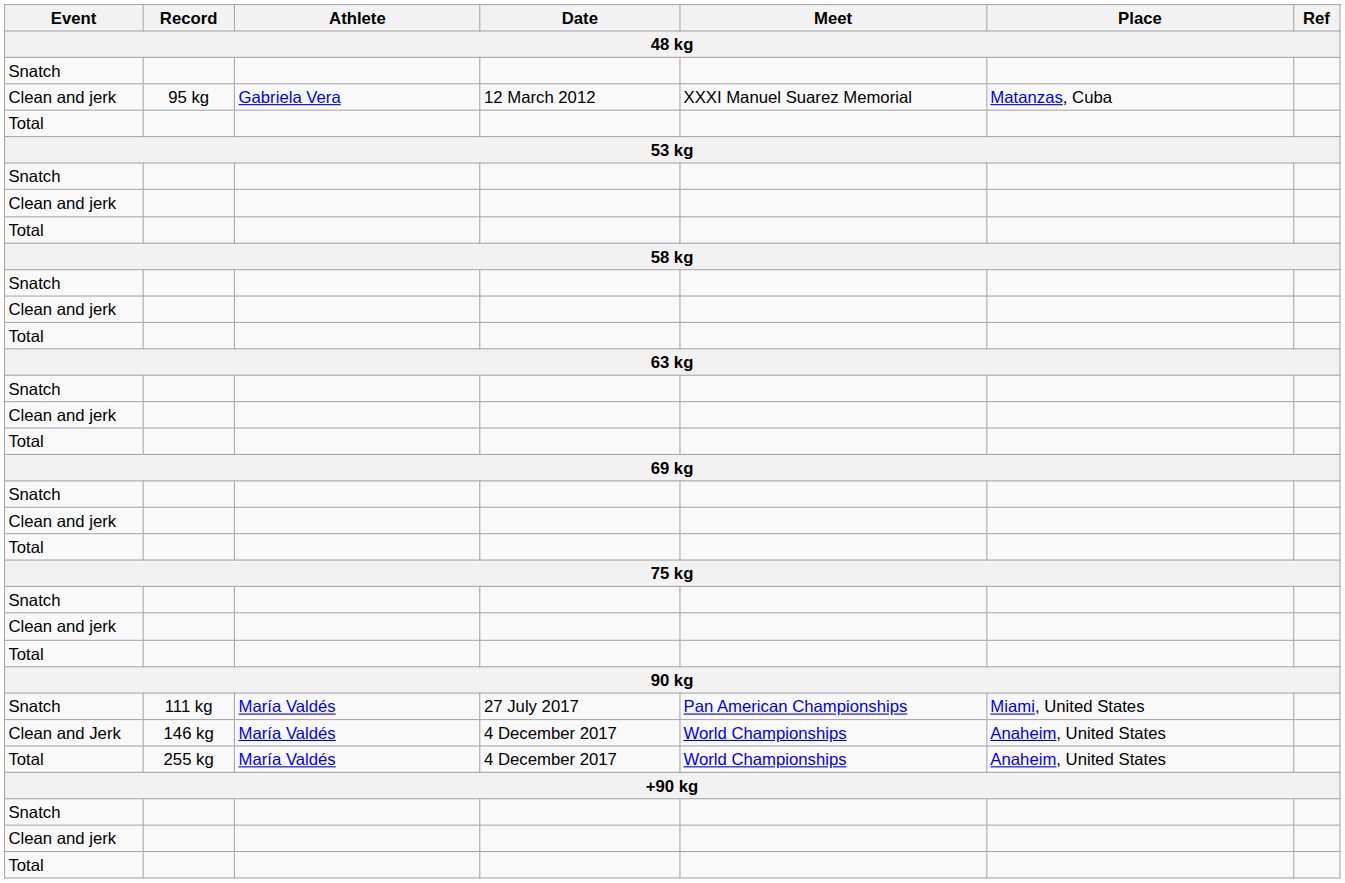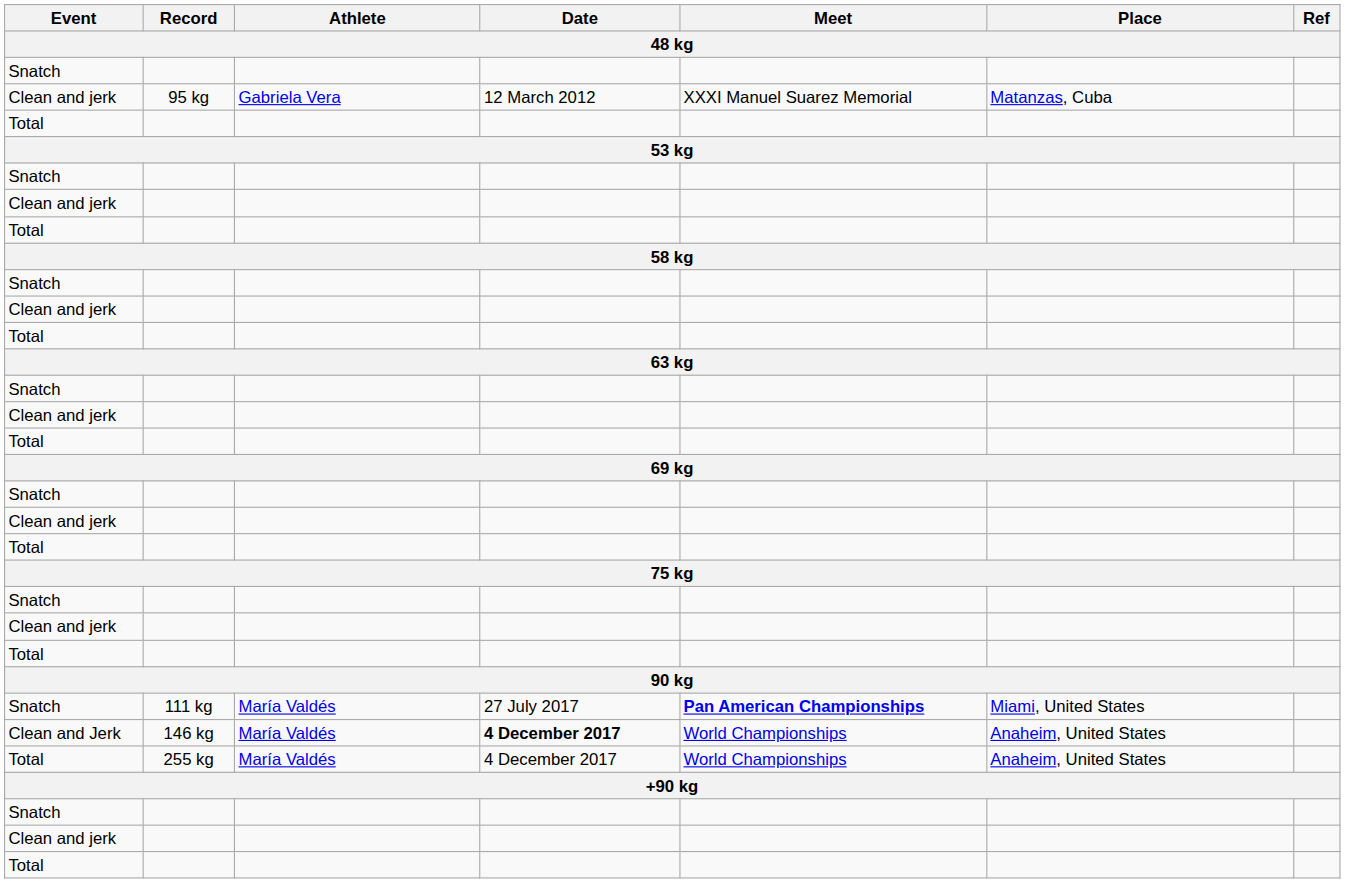 <table class="wikitable" style="font-size:95%;">
 <tr>
 <th width=9%>Event</th>
 <th width=6%>Record</th>
 <th width=16%>Athlete</th>
 <th width=13%>Date</th>
 <th width=20%>Meet</th>
 <th width=20%>Place</th>
 <th width=3%>Ref</th>
 </tr>
 <tr bgcolor="#DDDDDD">
 <th colspan=7>48 kg</th>
 </tr>
 <tr>
 <td>Snatch</td>
 <td></td>
 <td></td>
 <td></td>
 <td></td>
 <td></td>
 <td></td>
 </tr>
 <tr>
 <td>Clean and jerk</td>
 <td align="center">95 kg</td>
 <td><a href='#'>Gabriela Vera</a></td>
 <td>12 March 2012</td>
 <td>XXXI Manuel Suarez Memorial</td>
 <td><a href='#'>Matanzas</a>, Cuba</td>
 <td></td>
 </tr>
 <tr>
 <td>Total</td>
 <td></td>
 <td></td>
 <td></td>
 <td></td>
 <td></td>
 <td></td>
 </tr>
 <tr bgcolor="#DDDDDD">
 <th colspan=7>53 kg</th>
 </tr>
 <tr>
 <td>Snatch</td>
 <td></td>
 <td></td>
 <td></td>
 <td></td>
 <td></td>
 <td></td>
 </tr>
 <tr>
 <td>Clean and jerk</td>
 <td></td>
 <td></td>
 <td></td>
 <td></td>
 <td></td>
 <td></td>
 </tr>
 <tr>
 <td>Total</td>
 <td></td>
 <td></td>
 <td></td>
 <td></td>
 <td></td>
 <td></td>
 </tr>
 <tr bgcolor="#DDDDDD">
 <th colspan=7>58 kg</th>
 </tr>
 <tr>
 <td>Snatch</td>
 <td></td>
 <td></td>
 <td></td>
 <td></td>
 <td></td>
 <td></td>
 </tr>
 <tr>
 <td>Clean and jerk</td>
 <td></td>
 <td></td>
 <td></td>
 <td></td>
 <td></td>
 <td></td>
 </tr>
 <tr>
 <td>Total</td>
 <td></td>
 <td></td>
 <td></td>
 <td></td>
 <td></td>
 <td></td>
 </tr>
 <tr bgcolor="#DDDDDD">
 <th colspan=7>63 kg</th>
 </tr>
 <tr>
 <td>Snatch</td>
 <td></td>
 <td></td>
 <td></td>
 <td></td>
 <td></td>
 <td></td>
 </tr>
 <tr>
 <td>Clean and jerk</td>
 <td></td>
 <td></td>
 <td></td>
 <td></td>
 <td></td>
 <td></td>
 </tr>
 <tr>
 <td>Total</td>
 <td></td>
 <td></td>
 <td></td>
 <td></td>
 <td></td>
 <td></td>
 </tr>
 <tr bgcolor="#DDDDDD">
 <th colspan=7>69 kg</th>
 </tr>
 <tr>
 <td>Snatch</td>
 <td></td>
 <td></td>
 <td></td>
 <td></td>
 <td></td>
 <td></td>
 </tr>
 <tr>
 <td>Clean and jerk</td>
 <td></td>
 <td></td>
 <td></td>
 <td></td>
 <td></td>
 <td></td>
 </tr>
 <tr>
 <td>Total</td>
 <td></td>
 <td></td>
 <td></td>
 <td></td>
 <td></td>
 <td></td>
 </tr>
 <tr bgcolor="#DDDDDD">
 <th colspan=7>75 kg</th>
 </tr>
 <tr>
 <td>Snatch</td>
 <td></td>
 <td></td>
 <td></td>
 <td></td>
 <td></td>
 <td></td>
 </tr>
 <tr>
 <td>Clean and jerk</td>
 <td></td>
 <td></td>
 <td></td>
 <td></td>
 <td></td>
 <td></td>
 </tr>
 <tr>
 <td>Total</td>
 <td></td>
 <td></td>
 <td></td>
 <td></td>
 <td></td>
 <td></td>
 </tr>
 <tr bgcolor="#DDDDDD">
 <th colspan=7>90 kg</th>
 </tr>
 <tr>
 <td>Snatch</td>
 <td align="center">111 kg</td>
 <td><a href='#'>María Valdés</a></td>
 <td>27 July 2017</td>
-<td><a href='#'>Pan American Championships</a></td>
+<td><strong><a href='#'>Pan American Championships</a></strong></td>
 <td><a href='#'>Miami</a>, United States</td>
 <td></td>
 </tr>
 <tr>
 <td>Clean and Jerk</td>
 <td align="center">146 kg</td>
 <td><a href='#'>María Valdés</a></td>
-<td>4 December 2017</td>
+<td><strong>4 December 2017</strong></td>
 <td><a href='#'>World Championships</a></td>
 <td><a href='#'>Anaheim</a>, United States</td>
 <td></td>
 </tr>
 <tr>
 <td>Total</td>
 <td align="center">255 kg</td>
 <td><a href='#'>María Valdés</a></td>
 <td>4 December 2017</td>
 <td><a href='#'>World Championships</a></td>
 <td><a href='#'>Anaheim</a>, United States</td>
 <td></td>
 </tr>
 <tr bgcolor="#DDDDDD">
 <th colspan=7>+90 kg</th>
 </tr>
 <tr>
 <td>Snatch</td>
 <td></td>
 <td></td>
 <td></td>
 <td></td>
 <td></td>
 <td></td>
 </tr>
 <tr>
 <td>Clean and jerk</td>
 <td></td>
 <td></td>
 <td></td>
 <td></td>
 <td></td>
 <td></td>
 </tr>
 <tr>
 <td>Total</td>
 <td></td>
 <td></td>
 <td></td>
 <td></td>
 <td></td>
 <td></td>
 </tr>
 </table>
